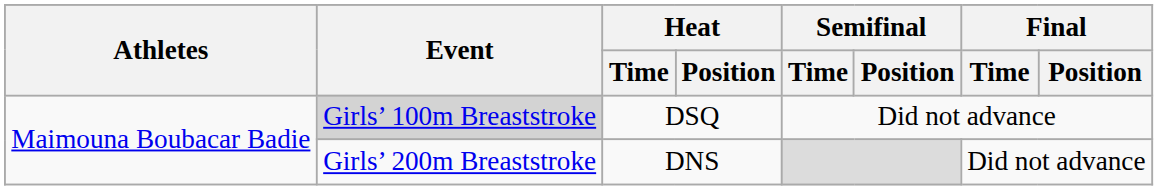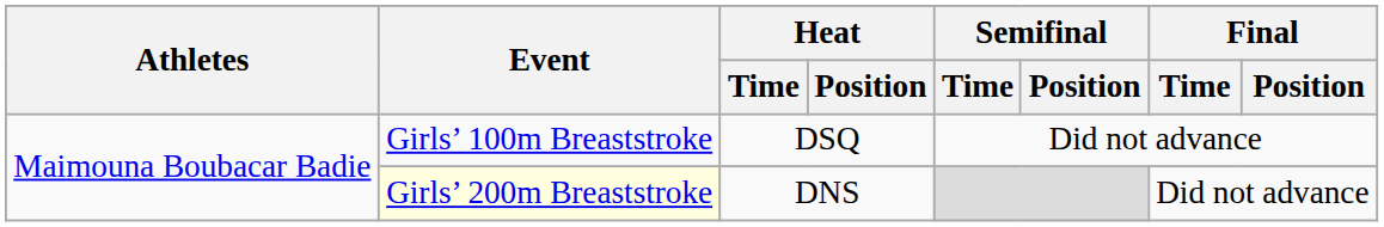 <table class="wikitable" border="1" style="font-size:90%">
 <tr>
 <th rowspan=2>Athletes</th>
 <th rowspan=2>Event</th>
 <th colspan=2>Heat</th>
 <th colspan=2>Semifinal</th>
 <th colspan=2>Final</th>
 </tr>
 <tr>
 <th>Time</th>
 <th>Position</th>
 <th>Time</th>
 <th>Position</th>
 <th>Time</th>
 <th>Position</th>
 </tr>
 <tr>
 <td rowspan=2><a href='#'>Maimouna Boubacar Badie</a></td>
-<td style="background: lightgrey;"><a href='#'>Girls’ 100m Breaststroke</a></td>
+<td><a href='#'>Girls’ 100m Breaststroke</a></td>
 <td colspan="2" align=center>DSQ</td>
 <td colspan="4" align=center>Did not advance</td>
 </tr>
 <tr>
-<td><a href='#'>Girls’ 200m Breaststroke</a></td>
+<td style="background: lightyellow;"><a href='#'>Girls’ 200m Breaststroke</a></td>
 <td colspan="2" align=center>DNS</td>
 <td colspan=2 bgcolor=#DCDCDC></td>
 <td colspan="2" align=center>Did not advance</td>
 </tr>
 </table>
